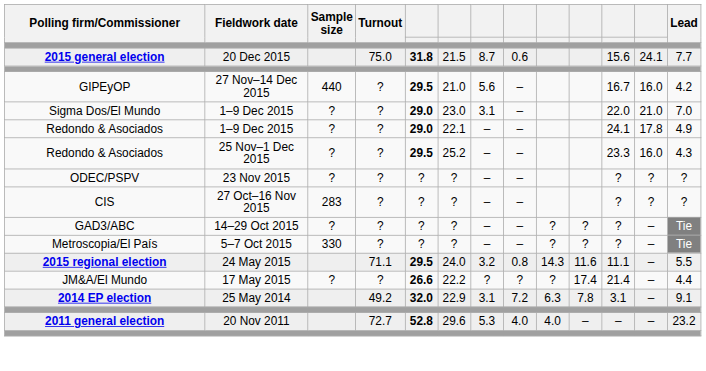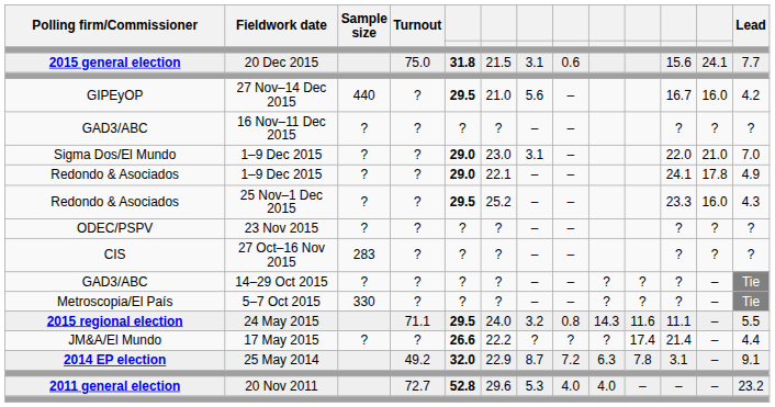 <table class="wikitable collapsible collapsed" style="text-align:center; font-size:95%; line-height:16px;">
 <tr style="height:42px; background-color:#E9E9E9">
 <th style="width:250px;" rowspan="2">Polling firm/Commissioner</th>
 <th style="width:125px;" rowspan="2">Fieldwork date</th>
 <th style="width:50px;" rowspan="2">Sample size</th>
 <th style="width:45px;" rowspan="2">Turnout</th>
 <th style="width:35px;"></th>
 <th style="width:35px;"></th>
 <th style="width:35px;"></th>
 <th style="width:35px;"></th>
 <th style="width:35px;"></th>
 <th style="width:35px;"></th>
 <th style="width:35px;"></th>
 <th style="width:35px;"></th>
 <th style="width:30px;" rowspan="2">Lead</th>
 </tr>
 <tr>
 <th style="color:inherit;background:"></th>
 <th style="color:inherit;background:"></th>
 <th style="color:inherit;background:"></th>
 <th style="color:inherit;background:"></th>
 <th style="color:inherit;background:"></th>
 <th style="color:inherit;background:"></th>
 <th style="color:inherit;background:"></th>
 <th style="color:inherit;background:"></th>
 </tr>
 <tr>
 <td colspan="13" style="background:#A0A0A0"></td>
 </tr>
 <tr style="background:#EFEFEF;">
 <td><strong><a href='#'>2015 general election</a></strong></td>
 <td>20 Dec 2015</td>
 <td></td>
 <td>75.0</td>
 <td><strong>31.8</strong><br></td>
 <td>21.5<br></td>
-<td>8.7<br></td>
+<td>3.1<br></td>
 <td>0.6<br></td>
 <td></td>
 <td></td>
 <td>15.6<br></td>
 <td>24.1<br></td>
 <td style="background:">7.7</td>
 </tr>
 <tr>
 <td colspan="13" style="background:#A0A0A0"></td>
 </tr>
 <tr>
 <td>GIPEyOP</td>
 <td>27 Nov–14 Dec 2015</td>
 <td>440</td>
 <td>?</td>
 <td><strong>29.5</strong><br></td>
 <td>21.0<br></td>
 <td>5.6<br></td>
 <td>–</td>
 <td></td>
 <td></td>
 <td>16.7<br></td>
 <td>16.0<br></td>
 <td style="background:">4.2</td>
+</tr>
+<tr>
+<td>GAD3/ABC</td>
+<td>16 Nov–11 Dec 2015</td>
+<td>?</td>
+<td>?</td>
+<td>?<br></td>
+<td>?<br></td>
+<td>–</td>
+<td>–</td>
+<td></td>
+<td></td>
+<td>?<br></td>
+<td>?<br></td>
+<td style="background:">?</td>
 </tr>
 <tr>
 <td>Sigma Dos/El Mundo</td>
 <td>1–9 Dec 2015</td>
 <td>?</td>
 <td>?</td>
 <td><strong>29.0</strong><br></td>
 <td>23.0<br></td>
 <td>3.1<br></td>
 <td>–</td>
 <td></td>
 <td></td>
 <td>22.0<br></td>
 <td>21.0<br></td>
 <td style="background:">7.0</td>
 </tr>
 <tr>
 <td>Redondo & Asociados</td>
 <td>1–9 Dec 2015</td>
 <td>?</td>
 <td>?</td>
 <td><strong>29.0</strong><br></td>
 <td>22.1<br></td>
 <td>–</td>
 <td>–</td>
 <td></td>
 <td></td>
 <td>24.1<br></td>
 <td>17.8<br></td>
 <td style="background:">4.9</td>
 </tr>
 <tr>
 <td>Redondo & Asociados</td>
 <td>25 Nov–1 Dec 2015</td>
 <td>?</td>
 <td>?</td>
 <td><strong>29.5</strong><br></td>
 <td>25.2<br></td>
 <td>–</td>
 <td>–</td>
 <td></td>
 <td></td>
 <td>23.3<br></td>
 <td>16.0<br></td>
 <td style="background:">4.3</td>
 </tr>
 <tr>
 <td>ODEC/PSPV</td>
 <td>23 Nov 2015</td>
 <td>?</td>
 <td>?</td>
 <td>?<br></td>
 <td>?<br></td>
 <td>–</td>
 <td>–</td>
 <td></td>
 <td></td>
 <td>?<br></td>
 <td>?<br></td>
 <td style="background:">?</td>
 </tr>
 <tr>
 <td>CIS</td>
 <td>27 Oct–16 Nov 2015</td>
 <td>283</td>
 <td>?</td>
 <td>?<br></td>
 <td>?<br></td>
 <td>–</td>
 <td>–</td>
 <td></td>
 <td></td>
 <td>?<br></td>
 <td>?<br></td>
 <td style="background:">?</td>
 </tr>
 <tr>
 <td>GAD3/ABC</td>
 <td>14–29 Oct 2015</td>
 <td>?</td>
 <td>?</td>
 <td>?<br></td>
 <td>?<br></td>
 <td>–</td>
 <td>–</td>
 <td>?<br></td>
 <td>?<br></td>
 <td>?<br></td>
 <td>–</td>
 <td style="background:gray;color:white;">Tie</td>
 </tr>
 <tr>
 <td>Metroscopia/El País</td>
 <td>5–7 Oct 2015</td>
 <td>330</td>
 <td>?</td>
 <td>?<br></td>
 <td>?<br></td>
 <td>–</td>
 <td>–</td>
 <td>?<br></td>
 <td>?<br></td>
 <td>?<br></td>
 <td>–</td>
 <td style="background:gray;color:white;">Tie</td>
 </tr>
 <tr style="background:#EFEFEF;">
 <td><strong><a href='#'>2015 regional election</a></strong></td>
 <td>24 May 2015</td>
 <td></td>
 <td>71.1</td>
 <td><strong>29.5</strong><br></td>
 <td>24.0<br></td>
 <td>3.2<br></td>
 <td>0.8<br></td>
 <td>14.3<br></td>
 <td>11.6<br></td>
 <td>11.1<br></td>
 <td>–</td>
 <td style="background:">5.5</td>
 </tr>
 <tr>
 <td>JM&A/El Mundo</td>
 <td>17 May 2015</td>
 <td>?</td>
 <td>?</td>
 <td><strong>26.6</strong><br></td>
 <td>22.2<br></td>
 <td>?<br></td>
 <td>?<br></td>
 <td>?<br></td>
 <td>17.4<br></td>
 <td>21.4<br></td>
 <td>–</td>
 <td style="background:">4.4</td>
 </tr>
 <tr style="background:#EFEFEF;">
 <td><strong><a href='#'>2014 EP election</a></strong></td>
 <td>25 May 2014</td>
 <td></td>
 <td>49.2</td>
 <td><strong>32.0</strong><br></td>
 <td>22.9<br></td>
-<td>3.1<br></td>
+<td>8.7<br></td>
 <td>7.2<br></td>
 <td>6.3<br></td>
 <td>7.8<br></td>
 <td>3.1<br></td>
 <td>–</td>
 <td style="background:">9.1</td>
 </tr>
 <tr>
 <td colspan="13" style="background:#A0A0A0"></td>
 </tr>
 <tr style="background:#EFEFEF;">
 <td><strong><a href='#'>2011 general election</a></strong></td>
 <td>20 Nov 2011</td>
 <td></td>
 <td>72.7</td>
 <td><strong>52.8</strong><br></td>
 <td>29.6<br></td>
 <td>5.3<br></td>
 <td>4.0<br></td>
 <td>4.0<br></td>
 <td>–</td>
 <td>–</td>
 <td>–</td>
 <td style="background:">23.2</td>
 </tr>
 <tr>
 <td colspan="13" style="background:#A0A0A0"></td>
 </tr>
 </table>
